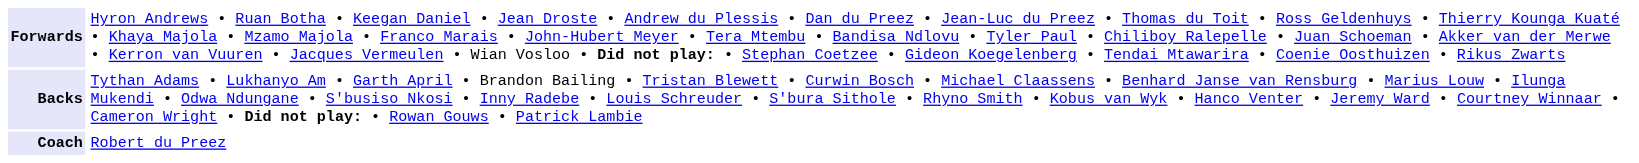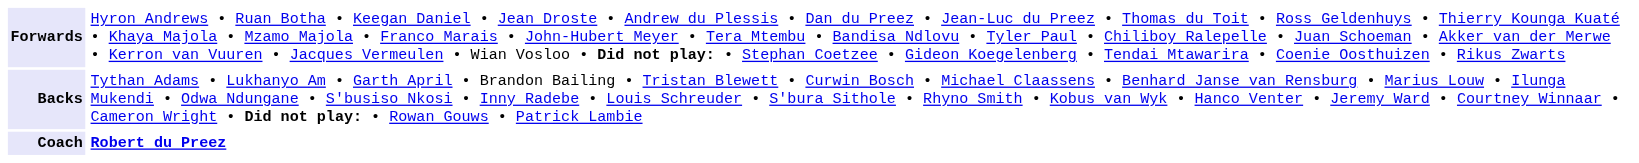 <table cellpadding="2" style="border: 1px solid white; font-size:90%;">
 <tr>
 <td style="text-align:right;" bgcolor="lavender"><strong>Forwards</strong></td>
 <td style="text-align:left;"><a href='#'>Hyron Andrews</a> • <a href='#'>Ruan Botha</a> • <a href='#'>Keegan Daniel</a> • <a href='#'>Jean Droste</a> • <a href='#'>Andrew du Plessis</a> • <a href='#'>Dan du Preez</a> • <a href='#'>Jean-Luc du Preez</a> • <a href='#'>Thomas du Toit</a> • <a href='#'>Ross Geldenhuys</a> • <a href='#'>Thierry Kounga Kuaté</a> • <a href='#'>Khaya Majola</a> • <a href='#'>Mzamo Majola</a> • <a href='#'>Franco Marais</a> • <a href='#'>John-Hubert Meyer</a> • <a href='#'>Tera Mtembu</a> • <a href='#'>Bandisa Ndlovu</a> • <a href='#'>Tyler Paul</a> • <a href='#'>Chiliboy Ralepelle</a> • <a href='#'>Juan Schoeman</a> • <a href='#'>Akker van der Merwe</a> • <a href='#'>Kerron van Vuuren</a> • <a href='#'>Jacques Vermeulen</a> • Wian Vosloo • <strong>Did not play:</strong> • <a href='#'>Stephan Coetzee</a> • <a href='#'>Gideon Koegelenberg</a> • <a href='#'>Tendai Mtawarira</a> • <a href='#'>Coenie Oosthuizen</a> • <a href='#'>Rikus Zwarts</a></td>
 </tr>
 <tr>
 <td style="text-align:right;" bgcolor="lavender"><strong>Backs</strong></td>
 <td style="text-align:left;"><a href='#'>Tythan Adams</a> • <a href='#'>Lukhanyo Am</a> • <a href='#'>Garth April</a> • Brandon Bailing • <a href='#'>Tristan Blewett</a> • <a href='#'>Curwin Bosch</a> • <a href='#'>Michael Claassens</a> • <a href='#'>Benhard Janse van Rensburg</a> • <a href='#'>Marius Louw</a> • <a href='#'>Ilunga Mukendi</a> • <a href='#'>Odwa Ndungane</a> • <a href='#'>S'busiso Nkosi</a> • <a href='#'>Inny Radebe</a> • <a href='#'>Louis Schreuder</a> • <a href='#'>S'bura Sithole</a> • <a href='#'>Rhyno Smith</a> • <a href='#'>Kobus van Wyk</a> • <a href='#'>Hanco Venter</a> • <a href='#'>Jeremy Ward</a> • <a href='#'>Courtney Winnaar</a> • <a href='#'>Cameron Wright</a> • <strong>Did not play:</strong> • <a href='#'>Rowan Gouws</a> • <a href='#'>Patrick Lambie</a></td>
 </tr>
 <tr>
 <td style="text-align:right;" bgcolor="lavender"><strong>Coach</strong></td>
-<td style="text-align:left;"><a href='#'>Robert du Preez</a></td>
+<td style="text-align:left;"><strong><a href='#'>Robert du Preez</a></strong></td>
 </tr>
 </table>
